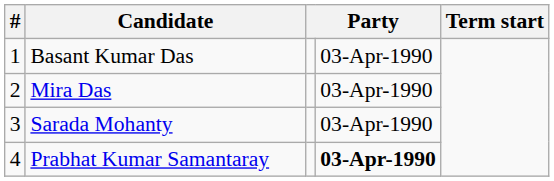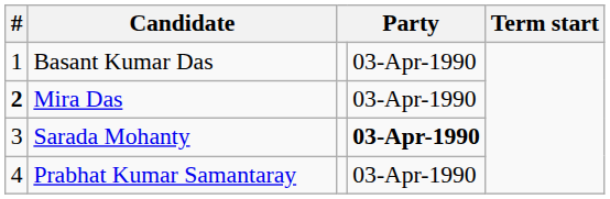 <table class="wikitable">
 <tr>
 <th>#</th>
 <th style="width:200px">Candidate</th>
 <th colspan="2">Party</th>
 <th>Term start</th>
 </tr>
 <tr>
 <td>1</td>
 <td>Basant Kumar Das</td>
 <td></td>
 <td>03-Apr-1990</td>
 </tr>
 <tr>
-<td>2</td>
+<td><strong>2</strong></td>
 <td><a href='#'>Mira Das</a></td>
 <td></td>
 <td>03-Apr-1990</td>
 </tr>
 <tr>
 <td>3</td>
 <td><a href='#'>Sarada Mohanty</a></td>
 <td></td>
-<td>03-Apr-1990</td>
+<td><strong>03-Apr-1990</strong></td>
 </tr>
 <tr>
 <td>4</td>
 <td><a href='#'>Prabhat Kumar Samantaray</a></td>
 <td></td>
-<td><strong>03-Apr-1990</strong></td>
+<td>03-Apr-1990</td>
 </tr>
 </table>
